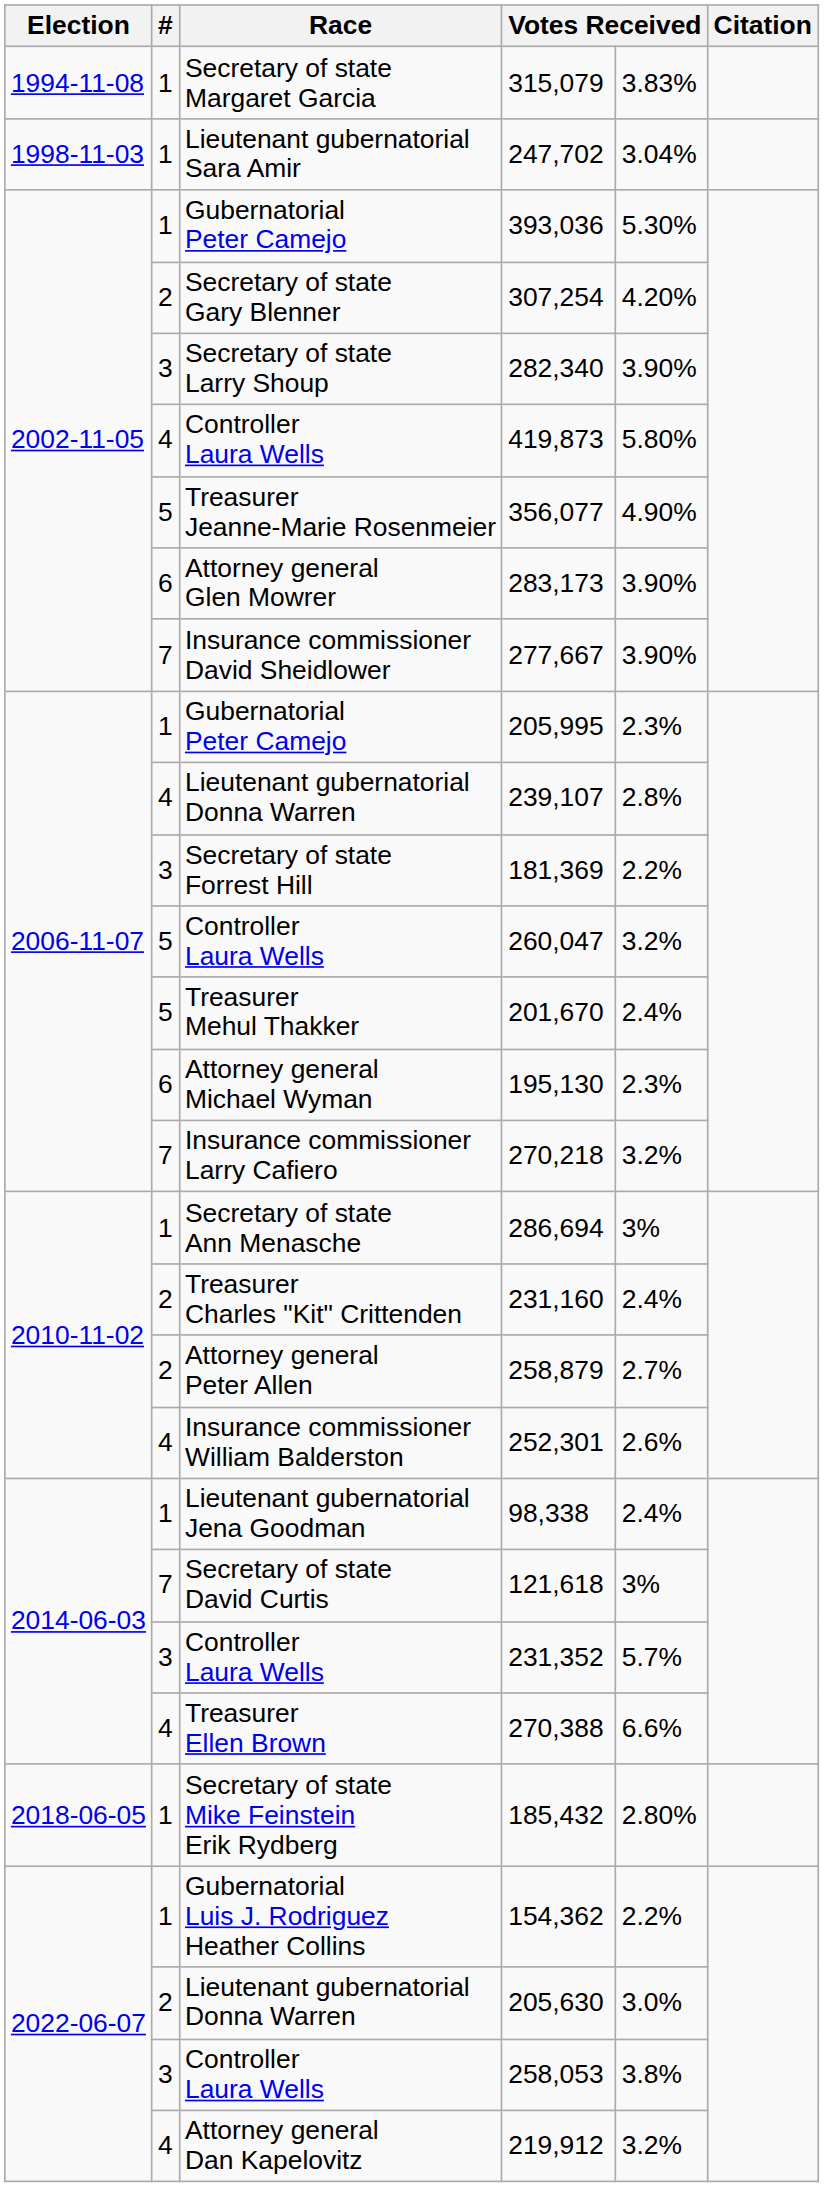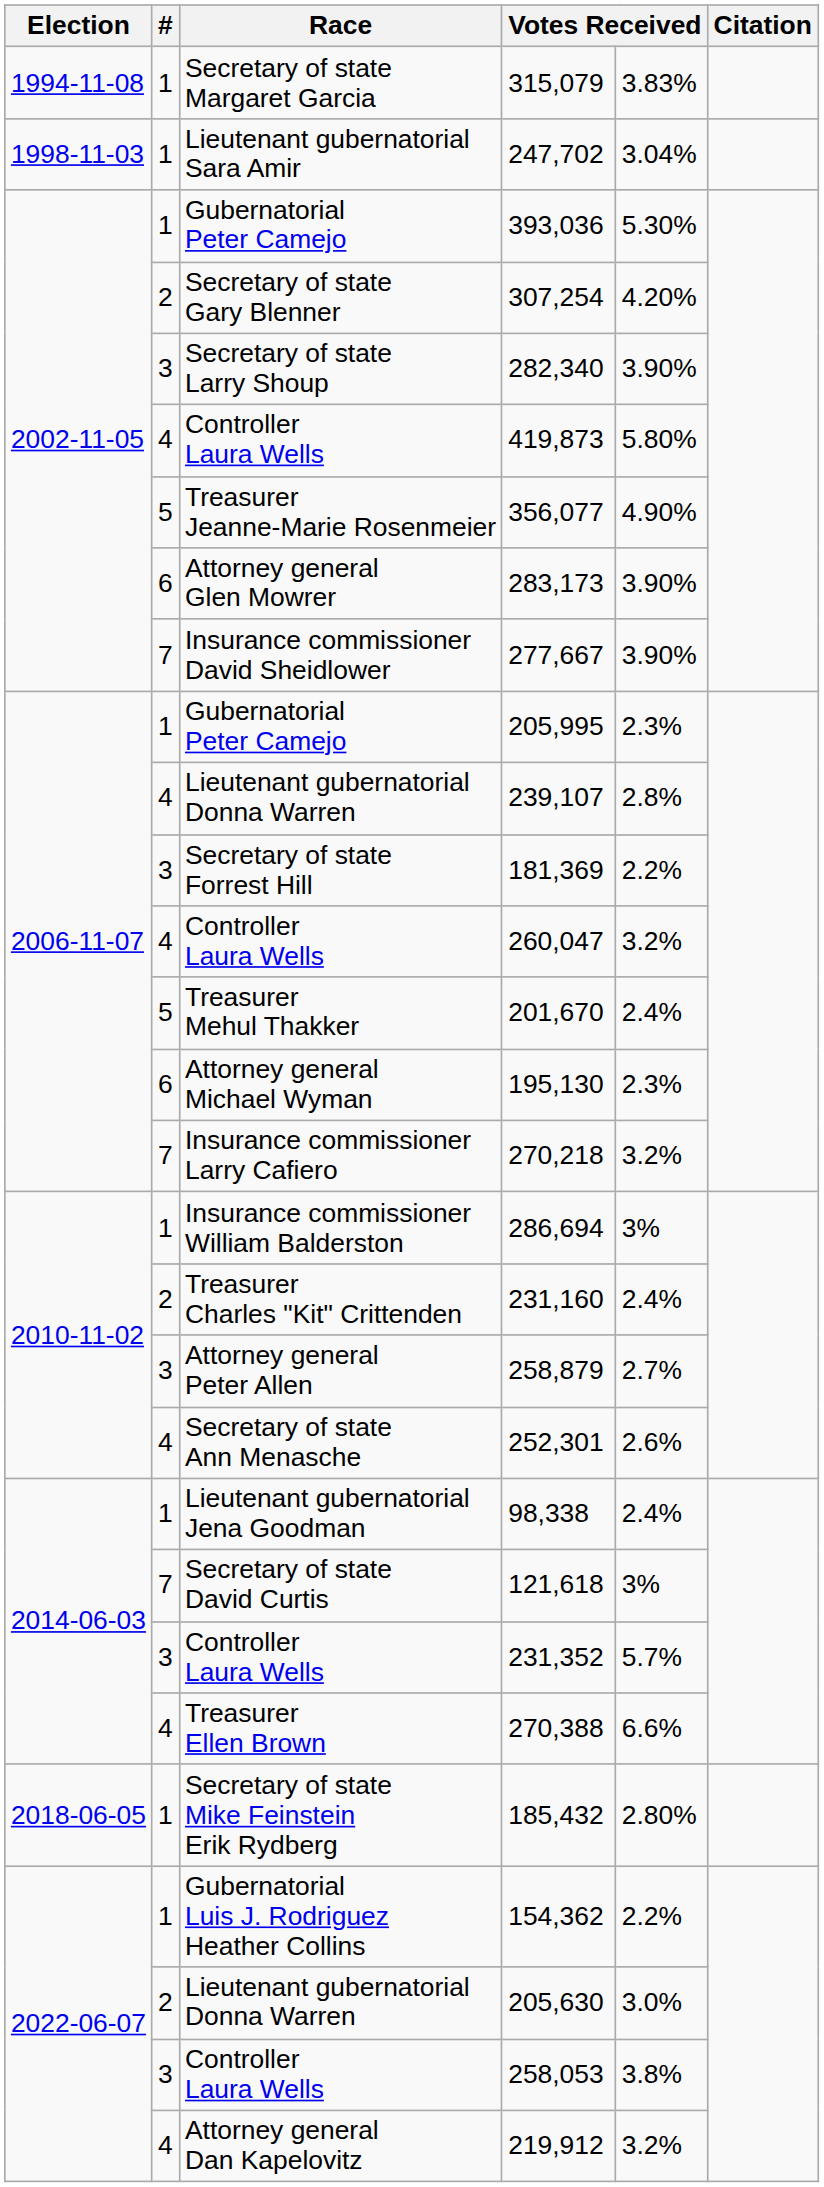 <table class="wikitable" style="float:left; margin-block:0.5em; margin-inline-end:1em">
 <tr>
 <th>Election</th>
 <th>#</th>
 <th>Race</th>
 <th colspan=2>Votes Received</th>
 <th>Citation</th>
 </tr>
 <tr>
 <td><a href='#'>1994-11-08</a></td>
 <td>1</td>
 <td>Secretary of state<br>Margaret Garcia</td>
 <td>315,079</td>
 <td>3.83%</td>
 <td></td>
 </tr>
 <tr>
 <td><a href='#'>1998-11-03</a></td>
 <td>1</td>
 <td>Lieutenant gubernatorial<br>Sara Amir</td>
 <td>247,702</td>
 <td>3.04%</td>
 <td></td>
 </tr>
 <tr>
 <td rowspan=7><a href='#'>2002-11-05</a></td>
 <td>1</td>
 <td>Gubernatorial<br><a href='#'>Peter Camejo</a></td>
 <td>393,036</td>
 <td>5.30%</td>
 <td rowspan=7></td>
 </tr>
 <tr>
 <td>2</td>
 <td>Secretary of state<br> Gary Blenner</td>
 <td>307,254</td>
 <td>4.20%</td>
 </tr>
 <tr>
 <td>3</td>
 <td>Secretary of state<br>Larry Shoup</td>
 <td>282,340</td>
 <td>3.90%</td>
 </tr>
 <tr>
 <td>4</td>
 <td>Controller<br><a href='#'>Laura Wells</a></td>
 <td>419,873</td>
 <td>5.80%</td>
 </tr>
 <tr>
 <td>5</td>
 <td>Treasurer<br>Jeanne-Marie Rosenmeier</td>
 <td>356,077</td>
 <td>4.90%</td>
 </tr>
 <tr>
 <td>6</td>
 <td>Attorney general<br>Glen Mowrer</td>
 <td>283,173</td>
 <td>3.90%</td>
 </tr>
 <tr>
 <td>7</td>
 <td>Insurance commissioner<br>David Sheidlower</td>
 <td>277,667</td>
 <td>3.90%</td>
 </tr>
 <tr>
 <td rowspan=7><a href='#'>2006-11-07</a></td>
 <td>1</td>
 <td>Gubernatorial<br><a href='#'>Peter Camejo</a></td>
 <td>205,995</td>
 <td>2.3%</td>
 <td rowspan=7></td>
 </tr>
 <tr>
 <td>4</td>
 <td>Lieutenant gubernatorial<br>Donna Warren</td>
 <td>239,107</td>
 <td>2.8%</td>
 </tr>
 <tr>
 <td>3</td>
 <td>Secretary of state<br>Forrest Hill</td>
 <td>181,369</td>
 <td>2.2%</td>
 </tr>
 <tr>
-<td>5</td>
+<td>4</td>
 <td>Controller<br><a href='#'>Laura Wells</a></td>
 <td>260,047</td>
 <td>3.2%</td>
 </tr>
 <tr>
 <td>5</td>
 <td>Treasurer<br>Mehul Thakker</td>
 <td>201,670</td>
 <td>2.4%</td>
 </tr>
 <tr>
 <td>6</td>
 <td>Attorney general<br>Michael Wyman</td>
 <td>195,130</td>
 <td>2.3%</td>
 </tr>
 <tr>
 <td>7</td>
 <td>Insurance commissioner<br>Larry Cafiero</td>
 <td>270,218</td>
 <td>3.2%</td>
 </tr>
 <tr>
 <td rowspan=4><a href='#'>2010-11-02</a></td>
 <td>1</td>
-<td>Secretary of state<br>Ann Menasche</td>
+<td>Insurance commissioner<br>William Balderston</td>
 <td>286,694</td>
 <td>3%</td>
 <td rowspan=4></td>
 </tr>
 <tr>
 <td>2</td>
 <td>Treasurer<br>Charles "Kit" Crittenden</td>
 <td>231,160</td>
 <td>2.4%</td>
 </tr>
 <tr>
-<td>2</td>
+<td>3</td>
 <td>Attorney general<br>Peter Allen</td>
 <td>258,879</td>
 <td>2.7%</td>
 </tr>
 <tr>
 <td>4</td>
-<td>Insurance commissioner<br>William Balderston</td>
+<td>Secretary of state<br>Ann Menasche</td>
 <td>252,301</td>
 <td>2.6%</td>
 </tr>
 <tr>
 <td rowspan=4><a href='#'>2014-06-03</a></td>
 <td>1</td>
 <td>Lieutenant gubernatorial<br>Jena Goodman</td>
 <td>98,338</td>
 <td>2.4%</td>
 <td rowspan=4></td>
 </tr>
 <tr>
 <td>7</td>
 <td>Secretary of state<br>David Curtis</td>
 <td>121,618</td>
 <td>3%</td>
 </tr>
 <tr>
 <td>3</td>
 <td>Controller<br><a href='#'>Laura Wells</a></td>
 <td>231,352</td>
 <td>5.7%</td>
 </tr>
 <tr>
 <td>4</td>
 <td>Treasurer<br><a href='#'>Ellen Brown</a></td>
 <td>270,388</td>
 <td>6.6%</td>
 </tr>
 <tr>
 <td><a href='#'>2018-06-05</a></td>
 <td>1</td>
 <td>Secretary of state<br><a href='#'>Mike Feinstein</a><br>Erik Rydberg</td>
 <td>185,432</td>
 <td>2.80%</td>
 <td></td>
 </tr>
 <tr>
 <td rowspan=4><a href='#'>2022-06-07</a></td>
 <td>1</td>
 <td>Gubernatorial<br><a href='#'>Luis J. Rodriguez</a><br>Heather Collins</td>
 <td>154,362</td>
 <td>2.2%</td>
 <td rowspan=4></td>
 </tr>
 <tr>
 <td>2</td>
 <td>Lieutenant gubernatorial<br>Donna Warren</td>
 <td>205,630</td>
 <td>3.0%</td>
 </tr>
 <tr>
 <td>3</td>
 <td>Controller<br><a href='#'>Laura Wells</a></td>
 <td>258,053</td>
 <td>3.8%</td>
 </tr>
 <tr>
 <td>4</td>
 <td>Attorney general<br>Dan Kapelovitz</td>
 <td>219,912</td>
 <td>3.2%</td>
 </tr>
 </table>
